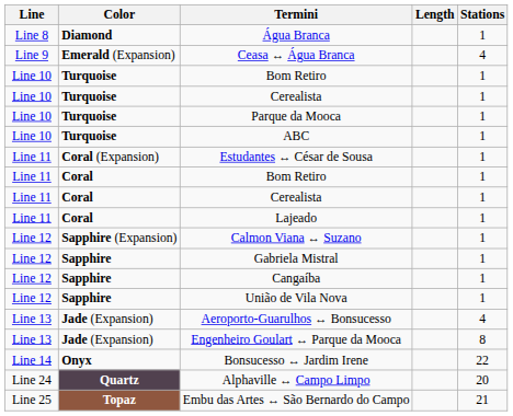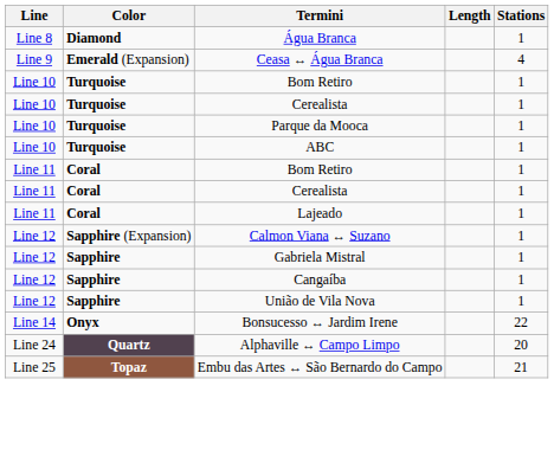 <table class="wikitable">
 <tr>
 <th align="center" width="60px">Line</th>
 <th align="center">Color</th>
 <th align="center">Termini</th>
 <th align="center">Length</th>
 <th align="center">Stations</th>
 </tr>
 <tr>
 <td align="center"><a href='#'>Line 8</a></td>
 <td><strong>Diamond</strong></td>
 <td align="center"><a href='#'>Água Branca</a></td>
 <td></td>
 <td align="center">1</td>
 </tr>
 <tr>
 <td align="center"><a href='#'>Line 9</a></td>
 <td><strong>Emerald</strong> (Expansion)</td>
 <td align="center"><a href='#'>Ceasa</a> ↔ <a href='#'>Água Branca</a></td>
 <td></td>
 <td align="center">4</td>
 </tr>
 <tr>
 <td align="center"><a href='#'>Line 10</a></td>
 <td><strong>Turquoise</strong></td>
 <td align="center">Bom Retiro</td>
 <td></td>
 <td align="center">1</td>
 </tr>
 <tr>
 <td align="center"><a href='#'>Line 10</a></td>
 <td><strong>Turquoise</strong></td>
 <td align="center">Cerealista</td>
 <td></td>
 <td align="center">1</td>
 </tr>
 <tr>
 <td align="center"><a href='#'>Line 10</a></td>
 <td><strong>Turquoise</strong></td>
 <td align="center">Parque da Mooca</td>
 <td></td>
 <td align="center">1</td>
 </tr>
 <tr>
 <td align="center"><a href='#'>Line 10</a></td>
 <td><strong>Turquoise</strong></td>
 <td align="center">ABC</td>
 <td></td>
 <td align="center">1</td>
 </tr>
 <tr>
 <td align="center"><a href='#'>Line 11</a></td>
-<td><strong>Coral</strong> (Expansion)</td>
-<td align="center"><a href='#'>Estudantes</a> ↔ César de Sousa</td>
-<td align="center"></td>
-<td align="center">1</td>
-</tr>
-<tr>
-<td align="center"><a href='#'>Line 11</a></td>
 <td><strong>Coral</strong></td>
 <td align="center">Bom Retiro</td>
 <td></td>
 <td align="center">1</td>
 </tr>
 <tr>
 <td align="center"><a href='#'>Line 11</a></td>
 <td><strong>Coral</strong></td>
 <td align="center">Cerealista</td>
 <td></td>
 <td align="center">1</td>
 </tr>
 <tr>
 <td align="center"><a href='#'>Line 11</a></td>
 <td><strong>Coral</strong></td>
 <td align="center">Lajeado</td>
 <td></td>
 <td align="center">1</td>
 </tr>
 <tr>
 <td align="center"><a href='#'>Line 12</a></td>
 <td><strong>Sapphire</strong> (Expansion)</td>
 <td align="center"><a href='#'>Calmon Viana</a> ↔ <a href='#'>Suzano</a></td>
 <td align="center"></td>
 <td align="center">1</td>
 </tr>
 <tr>
 <td align="center"><a href='#'>Line 12</a></td>
 <td><strong>Sapphire</strong></td>
 <td align="center">Gabriela Mistral</td>
 <td></td>
 <td align="center">1</td>
 </tr>
 <tr>
 <td align="center"><a href='#'>Line 12</a></td>
 <td><strong>Sapphire</strong></td>
 <td align="center">Cangaíba</td>
 <td></td>
 <td align="center">1</td>
 </tr>
 <tr>
 <td align="center"><a href='#'>Line 12</a></td>
 <td><strong>Sapphire</strong></td>
 <td align="center">União de Vila Nova</td>
 <td></td>
 <td align="center">1</td>
 </tr>
 <tr>
-<td align="center"><a href='#'>Line 13</a></td>
-<td><strong>Jade</strong> (Expansion)</td>
-<td align="center"><a href='#'>Aeroporto-Guarulhos</a> ↔ Bonsucesso</td>
-<td align="center"></td>
-<td align="center">4</td>
-</tr>
-<tr>
-<td align="center"><a href='#'>Line 13</a></td>
-<td><strong>Jade</strong> (Expansion)</td>
-<td align="center"><a href='#'>Engenheiro Goulart</a> ↔ Parque da Mooca</td>
-<td align="center"></td>
-<td align="center">8</td>
-</tr>
-<tr>
 <td align="center"><a href='#'>Line 14</a></td>
 <td><strong>Onyx</strong></td>
 <td align="center">Bonsucesso ↔ Jardim Irene</td>
 <td align="center"></td>
 <td align="center">22</td>
 </tr>
 <tr>
 <td align="center">Line 24</td>
 <td bgcolor="#51414F" align="center" style="color:white"><strong>Quartz</strong></td>
 <td align="center">Alphaville ↔ <a href='#'>Campo Limpo</a></td>
 <td align="center"></td>
 <td align="center">20</td>
 </tr>
 <tr>
 <td align="center">Line 25</td>
 <td bgcolor="#8f573f" align="center" style="color:white"><strong>Topaz</strong></td>
 <td align="center">Embu das Artes ↔ São Bernardo do Campo</td>
 <td align="center"></td>
 <td align="center">21</td>
 </tr>
 </table>
